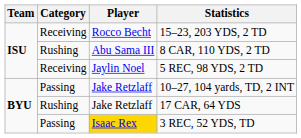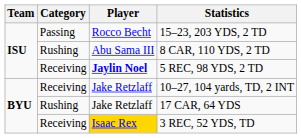 <table class="wikitable" style="float: right;">
 <tr>
 <th>Team</th>
 <th>Category</th>
 <th>Player</th>
 <th>Statistics</th>
 </tr>
 <tr>
 <td rowspan=3><strong>ISU</strong></td>
-<td>Receiving</td>
+<td>Passing</td>
 <td><a href='#'>Rocco Becht</a></td>
 <td>15–23, 203 YDS, 2 TD</td>
 </tr>
 <tr>
 <td>Rushing</td>
 <td><a href='#'>Abu Sama III</a></td>
 <td>8 CAR, 110 YDS, 2 TD</td>
 </tr>
 <tr>
 <td>Receiving</td>
-<td><a href='#'>Jaylin Noel</a></td>
+<td><strong><a href='#'>Jaylin Noel</a></strong></td>
 <td>5 REC, 98 YDS, 2 TD</td>
 </tr>
 <tr>
 <td rowspan=3><strong>BYU</strong></td>
-<td>Passing</td>
+<td>Receiving</td>
 <td><a href='#'>Jake Retzlaff</a></td>
 <td>10–27, 104 yards, TD, 2 INT</td>
 </tr>
 <tr>
 <td>Rushing</td>
 <td>Jake Retzlaff</td>
 <td>17 CAR, 64 YDS</td>
 </tr>
 <tr>
-<td>Passing</td>
+<td>Receiving</td>
 <td style="background: gold;"><a href='#'>Isaac Rex</a></td>
 <td>3 REC, 52 YDS, TD</td>
 </tr>
 </table>
